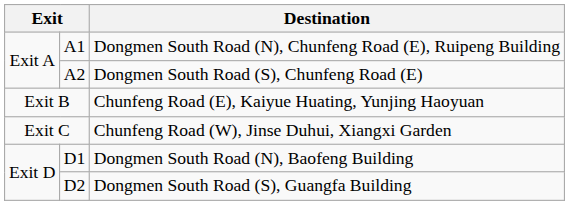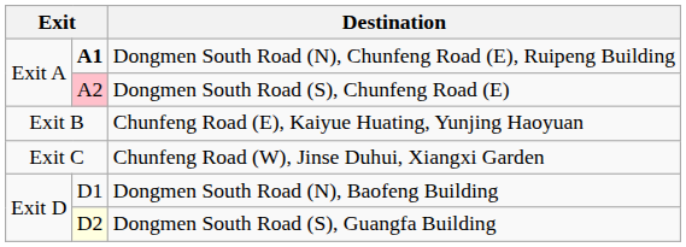 <table class="wikitable">
 <tr>
 <th colspan="2" style="width:70px">Exit</th>
 <th>Destination</th>
 </tr>
 <tr>
 <td rowspan="2" align="center">Exit A</td>
-<td>A1</td>
+<td><strong>A1</strong></td>
 <td>Dongmen South Road (N), Chunfeng Road (E), Ruipeng Building</td>
 </tr>
 <tr>
-<td>A2</td>
+<td style="background: pink;">A2</td>
 <td>Dongmen South Road (S), Chunfeng Road (E)</td>
 </tr>
 <tr>
 <td colspan="2" align="center">Exit B</td>
 <td>Chunfeng Road (E), Kaiyue Huating, Yunjing Haoyuan</td>
 </tr>
 <tr>
 <td colspan="2" align="center">Exit C</td>
 <td>Chunfeng Road (W), Jinse Duhui, Xiangxi Garden</td>
 </tr>
 <tr>
 <td rowspan="2" align="center">Exit D</td>
 <td>D1</td>
 <td>Dongmen South Road (N), Baofeng Building</td>
 </tr>
 <tr>
-<td>D2</td>
+<td style="background: lightyellow;">D2</td>
 <td>Dongmen South Road (S), Guangfa Building</td>
 </tr>
 </table>
